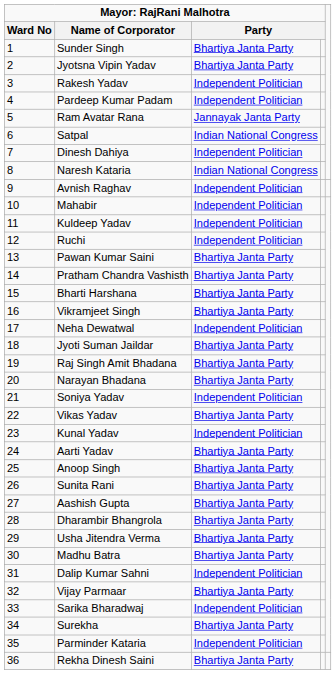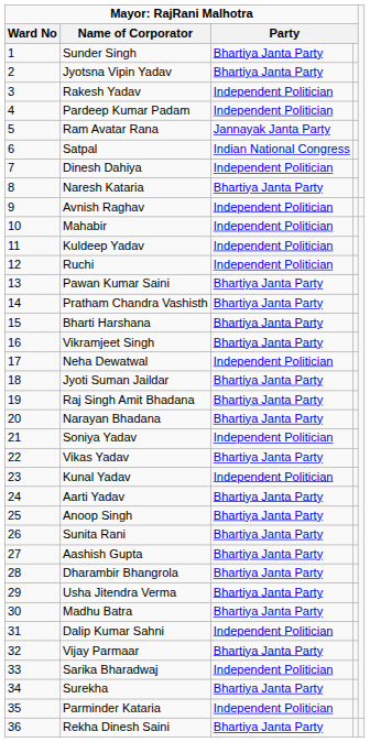 <table class="wikitable">
 <tr>
 <td colspan=4 align=center><span><strong>Mayor: RajRani Malhotra</strong></span></td>
 </tr>
 <tr>
 <th>Ward No</th>
 <th>Name of Corporator</th>
 <th colspan="2">Party</th>
 </tr>
 <tr>
 <td>1</td>
 <td>Sunder Singh</td>
 <td><a href='#'>Bhartiya Janta Party</a></td>
 <td></td>
 </tr>
 <tr>
 <td>2</td>
 <td>Jyotsna Vipin Yadav</td>
 <td><a href='#'>Bhartiya Janta Party</a></td>
 <td></td>
 </tr>
 <tr>
 <td>3</td>
 <td>Rakesh Yadav</td>
 <td><a href='#'>Independent Politician</a></td>
 <td></td>
 </tr>
 <tr>
 <td>4</td>
 <td>Pardeep Kumar Padam</td>
 <td><a href='#'>Independent Politician</a></td>
 <td></td>
 </tr>
 <tr>
 <td>5</td>
 <td>Ram Avatar Rana</td>
 <td><a href='#'>Jannayak Janta Party</a></td>
 <td></td>
 </tr>
 <tr>
 <td>6</td>
 <td>Satpal</td>
 <td><a href='#'>Indian National Congress</a></td>
 <td></td>
 </tr>
 <tr>
 <td>7</td>
 <td>Dinesh Dahiya</td>
 <td><a href='#'>Independent Politician</a></td>
 <td></td>
 </tr>
 <tr>
 <td>8</td>
 <td>Naresh Kataria</td>
-<td><a href='#'>Indian National Congress</a></td>
+<td><a href='#'>Bhartiya Janta Party</a></td>
 <td></td>
 </tr>
 <tr>
 <td>9</td>
 <td>Avnish Raghav</td>
 <td><a href='#'>Independent Politician</a></td>
 <td></td>
 <td></td>
 </tr>
 <tr>
 <td>10</td>
 <td>Mahabir</td>
 <td><a href='#'>Independent Politician</a></td>
 <td></td>
 </tr>
 <tr>
 <td>11</td>
 <td>Kuldeep Yadav</td>
 <td><a href='#'>Independent Politician</a></td>
 <td></td>
 </tr>
 <tr>
 <td>12</td>
 <td>Ruchi</td>
 <td><a href='#'>Independent Politician</a></td>
 <td></td>
 </tr>
 <tr>
 <td>13</td>
 <td>Pawan Kumar Saini</td>
 <td><a href='#'>Bhartiya Janta Party</a></td>
 <td></td>
 </tr>
 <tr>
 <td>14</td>
 <td>Pratham Chandra Vashisth</td>
 <td><a href='#'>Bhartiya Janta Party</a></td>
 <td></td>
 </tr>
 <tr>
 <td>15</td>
 <td>Bharti Harshana</td>
 <td><a href='#'>Bhartiya Janta Party</a></td>
 <td></td>
 </tr>
 <tr>
 <td>16</td>
 <td>Vikramjeet Singh</td>
 <td><a href='#'>Bhartiya Janta Party</a></td>
 <td></td>
 </tr>
 <tr>
 <td>17</td>
 <td>Neha Dewatwal</td>
 <td><a href='#'>Independent Politician</a></td>
 <td></td>
 </tr>
 <tr>
 <td>18</td>
 <td>Jyoti Suman Jaildar</td>
 <td><a href='#'>Bhartiya Janta Party</a></td>
 <td></td>
 </tr>
 <tr>
 <td>19</td>
 <td>Raj Singh Amit Bhadana</td>
 <td><a href='#'>Bhartiya Janta Party</a></td>
 <td></td>
 </tr>
 <tr>
 <td>20</td>
 <td>Narayan Bhadana</td>
 <td><a href='#'>Bhartiya Janta Party</a></td>
 <td></td>
 </tr>
 <tr>
 <td>21</td>
 <td>Soniya Yadav</td>
 <td><a href='#'>Independent Politician</a></td>
 <td></td>
 </tr>
 <tr>
 <td>22</td>
 <td>Vikas Yadav</td>
 <td><a href='#'>Bhartiya Janta Party</a></td>
 <td></td>
 </tr>
 <tr>
 <td>23</td>
 <td>Kunal Yadav</td>
 <td><a href='#'>Independent Politician</a></td>
 <td></td>
 </tr>
 <tr>
 <td>24</td>
 <td>Aarti Yadav</td>
 <td><a href='#'>Bhartiya Janta Party</a></td>
 <td></td>
 </tr>
 <tr>
 <td>25</td>
 <td>Anoop Singh</td>
 <td><a href='#'>Bhartiya Janta Party</a></td>
 <td></td>
 </tr>
 <tr>
 <td>26</td>
 <td>Sunita Rani</td>
 <td><a href='#'>Bhartiya Janta Party</a></td>
 <td></td>
 </tr>
 <tr>
 <td>27</td>
 <td>Aashish Gupta</td>
 <td><a href='#'>Bhartiya Janta Party</a></td>
 <td></td>
 </tr>
 <tr>
 <td>28</td>
 <td>Dharambir Bhangrola</td>
 <td><a href='#'>Bhartiya Janta Party</a></td>
 <td></td>
 </tr>
 <tr>
 <td>29</td>
 <td>Usha Jitendra Verma</td>
 <td><a href='#'>Bhartiya Janta Party</a></td>
 <td></td>
 </tr>
 <tr>
 <td>30</td>
 <td>Madhu Batra</td>
 <td><a href='#'>Bhartiya Janta Party</a></td>
 <td></td>
 </tr>
 <tr>
 <td>31</td>
 <td>Dalip Kumar Sahni</td>
 <td><a href='#'>Independent Politician</a></td>
 <td></td>
 </tr>
 <tr>
 <td>32</td>
 <td>Vijay Parmaar</td>
 <td><a href='#'>Bhartiya Janta Party</a></td>
 <td></td>
 </tr>
 <tr>
 <td>33</td>
 <td>Sarika Bharadwaj</td>
 <td><a href='#'>Independent Politician</a></td>
 <td></td>
 </tr>
 <tr>
 <td>34</td>
 <td>Surekha</td>
 <td><a href='#'>Bhartiya Janta Party</a></td>
 <td></td>
 </tr>
 <tr>
 <td>35</td>
 <td>Parminder Kataria</td>
 <td><a href='#'>Independent Politician</a></td>
 <td></td>
 </tr>
 <tr>
 <td>36</td>
 <td>Rekha Dinesh Saini</td>
 <td><a href='#'>Bhartiya Janta Party</a></td>
 <td></td>
 <td></td>
 </tr>
 </table>
